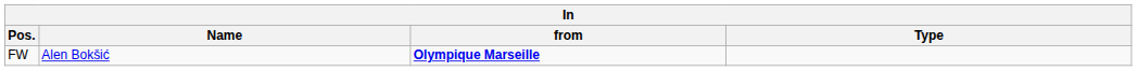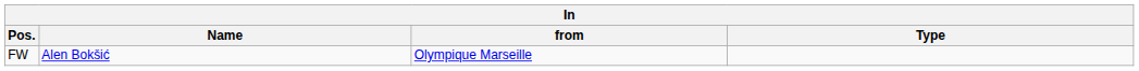 <table class="wikitable" style="font-size:90%;width:99%;">
 <tr>
 <th colspan="4">In</th>
 </tr>
 <tr>
 <th width=3%>Pos.</th>
 <th width=33%>Name</th>
 <th width=28%>from</th>
 <th width=36%>Type</th>
 </tr>
 <tr>
 <td>FW</td>
 <td><a href='#'>Alen Bokšić</a></td>
-<td><strong><a href='#'>Olympique Marseille</a></strong></td>
+<td><a href='#'>Olympique Marseille</a></td>
 <td></td>
 </tr>
 </table>
